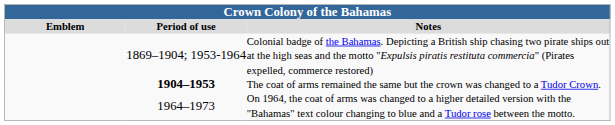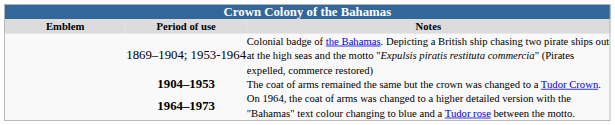 <table width="60%" cellpadding="0" cellspacing="0" border="0" border="1" cellpadding="4" cellspacing="0" style="margin: 0.5em 1em 0.5em 0; background: #f9f9f9; border: 1px #aaa solid; border-collapse: collapse;">
 <tr>
 <td align="center" colspan=3 style="background-color:#369; color:white;"><strong>Crown Colony of the Bahamas</strong></td>
 </tr>
 <tr>
 <th bgcolor = "#DCDCDC" width = "20%"><small>Emblem</small></th>
 <th bgcolor = "#DCDCDC" width = "20%"><small>Period of use</small></th>
 <th bgcolor = "#DCDCDC" width = "60%"><small>Notes</small></th>
 </tr>
 <tr>
 <td align="center"></td>
 <td align="center">1869–1904; 1953-1964</td>
 <td><small>Colonial badge of <a href='#'>the Bahamas</a>. Depicting a British ship chasing two pirate ships out at the high seas and the motto "<em>Expulsis piratis restituta commercia</em>" (Pirates expelled, commerce restored)</small></td>
 </tr>
 <tr>
 <td align="center"></td>
 <td align="center"><strong>1904–1953</strong></td>
 <td><small>The coat of arms remained the same but the crown was changed to a <a href='#'>Tudor Crown</a>.</small></td>
 </tr>
 <tr>
 <td align="center"></td>
-<td align="center">1964–1973</td>
+<td align="center"><strong>1964–1973</strong></td>
 <td><small>On 1964, the coat of arms was changed to a higher detailed version with the "Bahamas" text colour changing to blue and a <a href='#'>Tudor rose</a> between the motto.</small></td>
 </tr>
 <tr>
 </tr>
 </table>
